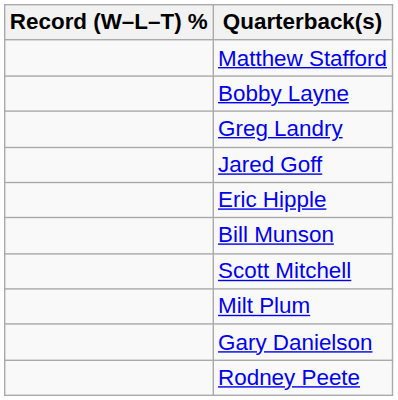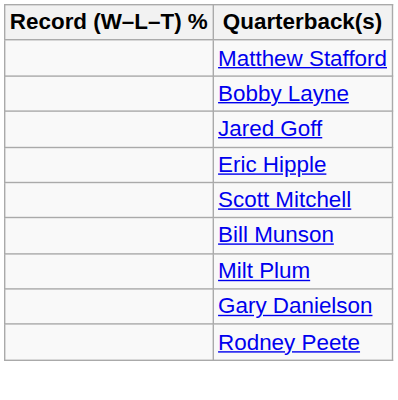 <table class="wikitable">
 <tr>
 <th>Record (W–L–T) %</th>
 <th>Quarterback(s)</th>
 </tr>
 <tr>
 <td></td>
 <td><a href='#'>Matthew Stafford</a></td>
 </tr>
 <tr>
 <td></td>
 <td><a href='#'>Bobby Layne</a></td>
 </tr>
 <tr>
 <td></td>
-<td><a href='#'>Greg Landry</a></td>
-</tr>
-<tr>
-<td></td>
 <td><a href='#'>Jared Goff</a></td>
 </tr>
 <tr>
 <td></td>
 <td><a href='#'>Eric Hipple</a></td>
 </tr>
 <tr>
 <td></td>
-<td><a href='#'>Bill Munson</a></td>
+<td><a href='#'>Scott Mitchell</a></td>
 </tr>
 <tr>
 <td></td>
-<td><a href='#'>Scott Mitchell</a></td>
+<td><a href='#'>Bill Munson</a></td>
 </tr>
 <tr>
 <td></td>
 <td><a href='#'>Milt Plum</a></td>
 </tr>
 <tr>
 <td></td>
 <td><a href='#'>Gary Danielson</a></td>
 </tr>
 <tr>
 <td></td>
 <td><a href='#'>Rodney Peete</a></td>
 </tr>
 </table>
